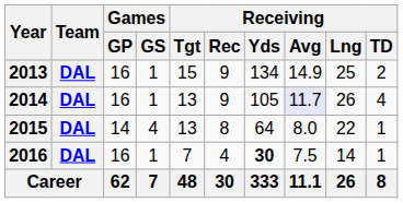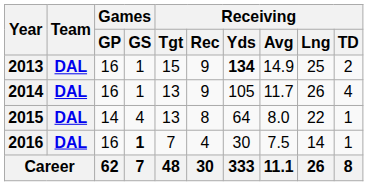 <table class="wikitable" style="text-align:center;">
 <tr>
 <th rowspan="2">Year</th>
 <th rowspan="2">Team</th>
 <th colspan="2">Games</th>
 <th colspan="6">Receiving</th>
 </tr>
 <tr>
 <th>GP</th>
 <th>GS</th>
 <th>Tgt</th>
 <th>Rec</th>
 <th>Yds</th>
 <th>Avg</th>
 <th>Lng</th>
 <th>TD</th>
 </tr>
 <tr>
 <th>2013</th>
 <th><a href='#'>DAL</a></th>
 <td>16</td>
 <td>1</td>
 <td>15</td>
 <td>9</td>
-<td>134</td>
+<td><strong>134</strong></td>
 <td>14.9</td>
 <td>25</td>
 <td>2</td>
 </tr>
 <tr>
 <th>2014</th>
 <th><a href='#'>DAL</a></th>
 <td>16</td>
 <td>1</td>
 <td>13</td>
 <td>9</td>
 <td>105</td>
-<td style="background: lavender;">11.7</td>
+<td>11.7</td>
 <td>26</td>
 <td>4</td>
 </tr>
 <tr>
 <th>2015</th>
 <th><a href='#'>DAL</a></th>
 <td>14</td>
 <td>4</td>
 <td>13</td>
 <td>8</td>
 <td>64</td>
 <td>8.0</td>
 <td>22</td>
 <td>1</td>
 </tr>
 <tr>
 <th>2016</th>
 <th><a href='#'>DAL</a></th>
 <td>16</td>
-<td>1</td>
+<td><strong>1</strong></td>
 <td>7</td>
 <td>4</td>
-<td><strong>30</strong></td>
+<td>30</td>
 <td>7.5</td>
 <td>14</td>
 <td>1</td>
 </tr>
 <tr>
 <th colspan="2">Career</th>
 <th>62</th>
 <th>7</th>
 <th>48</th>
 <th>30</th>
 <th>333</th>
 <th>11.1</th>
 <th>26</th>
 <th>8</th>
 </tr>
 </table>
